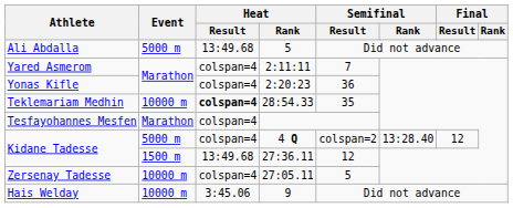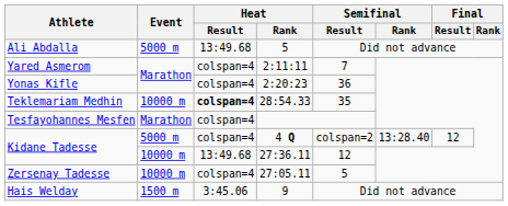 <table class="wikitable" style="font-size:90%">
 <tr>
 <th rowspan="2">Athlete</th>
 <th rowspan="2">Event</th>
 <th colspan="2">Heat</th>
 <th colspan="2">Semifinal</th>
 <th colspan="2">Final</th>
 </tr>
 <tr style="font-size:95%">
 <th>Result</th>
 <th>Rank</th>
 <th>Result</th>
 <th>Rank</th>
 <th>Result</th>
 <th>Rank</th>
 </tr>
 <tr align=center>
 <td align=left><a href='#'>Ali Abdalla</a></td>
 <td align=left><a href='#'>5000 m</a></td>
 <td>13:49.68</td>
 <td>5</td>
 <td colspan=4>Did not advance</td>
 </tr>
 <tr align=center>
 <td align=left><a href='#'>Yared Asmerom</a></td>
 <td align=left rowspan=2><a href='#'>Marathon</a></td>
 <td>colspan=4 </td>
 <td>2:11:11</td>
 <td>7</td>
 </tr>
 <tr align=center>
 <td align=left><a href='#'>Yonas Kifle</a></td>
 <td>colspan=4 </td>
 <td>2:20:23</td>
 <td>36</td>
 </tr>
 <tr align=center>
 <td align=left><a href='#'>Teklemariam Medhin</a></td>
 <td align=left><a href='#'>10000 m</a></td>
 <td><strong>colspan=4 </strong></td>
 <td>28:54.33</td>
 <td>35</td>
 </tr>
 <tr align=center>
 <td align=left><a href='#'>Tesfayohannes Mesfen</a></td>
 <td align=left><a href='#'>Marathon</a></td>
 <td>colspan=4 </td>
 <td colspan=2></td>
 </tr>
 <tr align=center>
 <td align=left rowspan=2><a href='#'>Kidane Tadesse</a></td>
 <td align=left><a href='#'>5000 m</a></td>
 <td>colspan=4 </td>
 <td>4 <strong>Q</strong></td>
 <td>colspan=2 </td>
 <td>13:28.40</td>
 <td>12</td>
 </tr>
 <tr align=center>
-<td align=left><a href='#'>1500 m</a></td>
+<td align=left><a href='#'>10000 m</a></td>
 <td>13:49.68</td>
 <td>27:36.11</td>
 <td>12</td>
 </tr>
 <tr align=center>
 <td align=left><a href='#'>Zersenay Tadesse</a></td>
 <td align=left><a href='#'>10000 m</a></td>
 <td>colspan=4 </td>
 <td>27:05.11</td>
 <td>5</td>
 </tr>
 <tr align=center>
 <td align=left><a href='#'>Hais Welday</a></td>
-<td align=left><a href='#'>10000 m</a></td>
+<td align=left><a href='#'>1500 m</a></td>
 <td>3:45.06</td>
 <td>9</td>
 <td colspan=4>Did not advance</td>
 </tr>
 </table>
